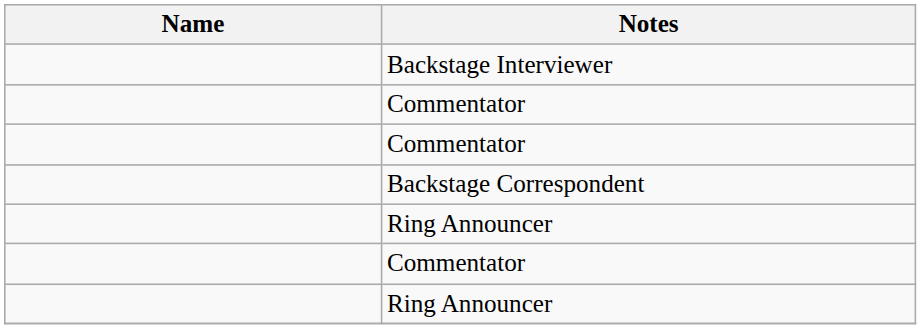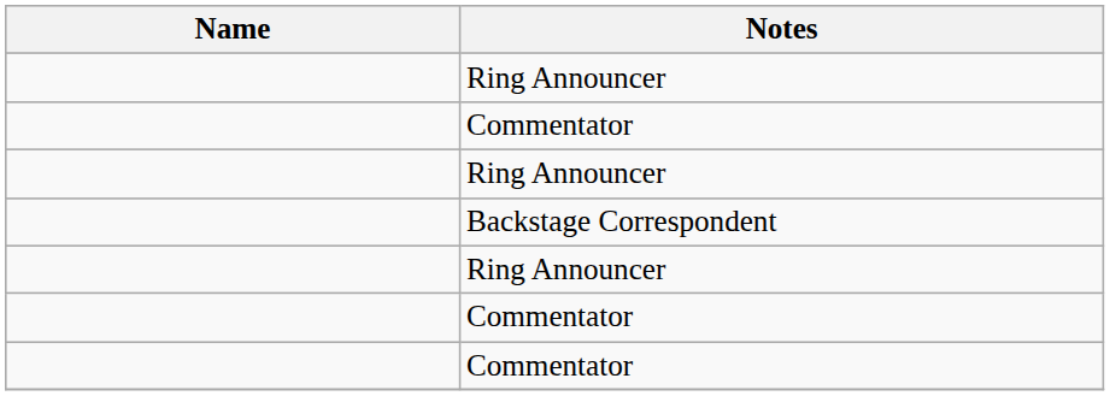 <table class="wikitable sortable" style="width:46%;">
 <tr>
 <th width=19%>Name</th>
 <th width=27%>Notes</th>
 </tr>
 <tr>
 <td></td>
-<td>Backstage Interviewer</td>
+<td>Ring Announcer</td>
 </tr>
 <tr>
 <td></td>
 <td>Commentator</td>
 </tr>
 <tr>
 <td></td>
-<td>Commentator</td>
+<td>Ring Announcer</td>
 </tr>
 <tr>
 <td></td>
 <td>Backstage Correspondent</td>
 </tr>
 <tr>
 <td></td>
 <td>Ring Announcer</td>
 </tr>
 <tr>
 <td></td>
 <td>Commentator</td>
 </tr>
 <tr>
 <td></td>
-<td>Ring Announcer</td>
+<td>Commentator</td>
 </tr>
 <tr>
 </tr>
 </table>
